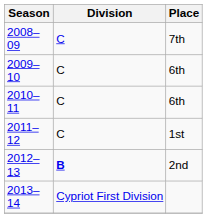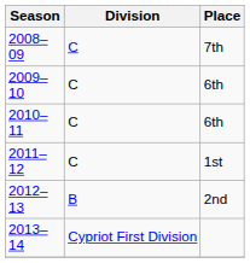 <table class="wikitable">
 <tr>
 <th width="60">Season</th>
 <th>Division</th>
 <th>Place</th>
 </tr>
 <tr>
 <td><a href='#'>2008–09</a></td>
 <td><a href='#'>C</a></td>
 <td>7th</td>
 </tr>
 <tr>
 <td><a href='#'>2009–10</a></td>
 <td>C</td>
 <td>6th</td>
 </tr>
 <tr>
 <td><a href='#'>2010–11</a></td>
 <td>C</td>
 <td>6th</td>
 </tr>
 <tr>
 <td><a href='#'>2011–12</a></td>
 <td>C</td>
 <td>1st</td>
 </tr>
 <tr>
 <td><a href='#'>2012–13</a></td>
-<td><strong><a href='#'>B</a></strong></td>
+<td><a href='#'>B</a></td>
 <td>2nd</td>
 </tr>
 <tr>
 <td><a href='#'>2013–14</a></td>
 <td><a href='#'>Cypriot First Division</a></td>
 <td></td>
 </tr>
 <tr>
 </tr>
 </table>
